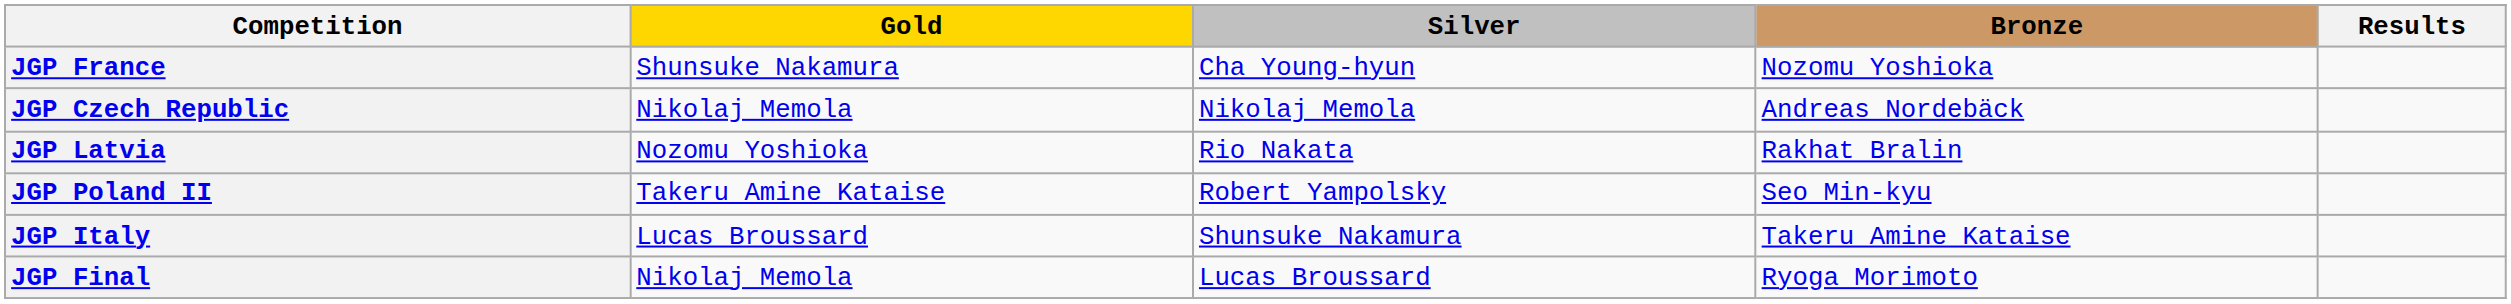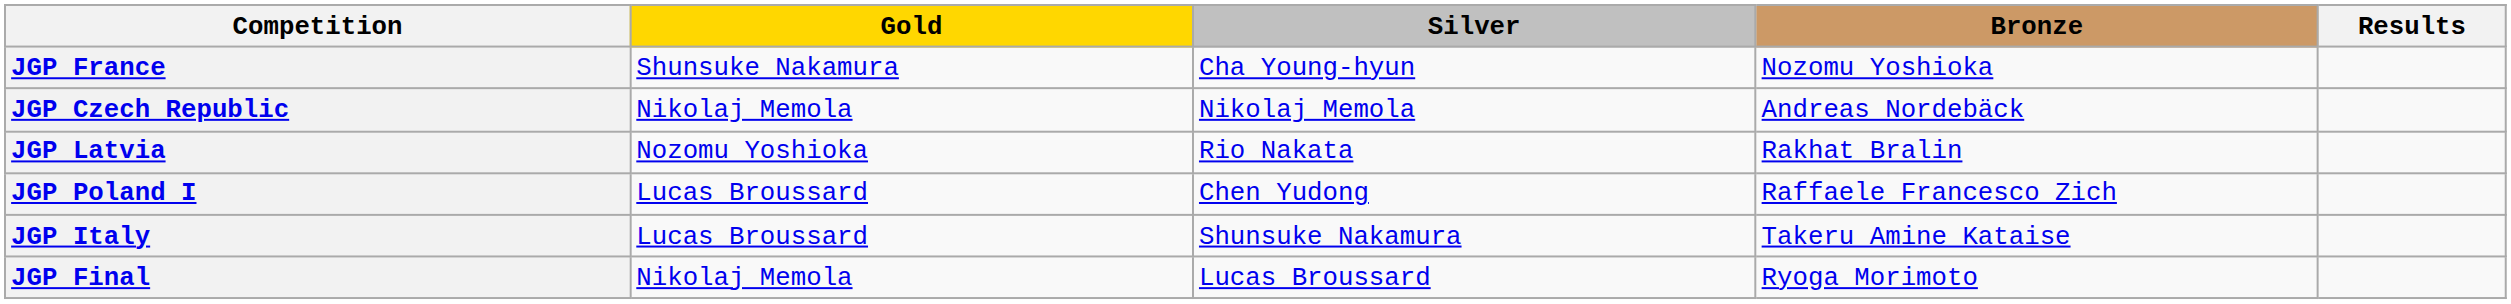 <table class="wikitable unsortable" style="text-align:left; width:100%">
 <tr>
 <th scope="col" style="text-align:center; width:25%;">Competition</th>
 <td scope="col" style="text-align:center; width:22.5%; background:gold"><strong>Gold</strong></td>
 <td scope="col" style="text-align:center; width:22.5%; background:silver"><strong>Silver</strong></td>
 <td scope="col" style="text-align:center; width:22.5%; background:#c96"><strong>Bronze</strong></td>
 <th scope="col" style="text-align:center; width:7.5%;">Results</th>
 </tr>
 <tr>
 <th scope="row" style="text-align:left"> <a href='#'>JGP France</a></th>
 <td> <a href='#'>Shunsuke Nakamura</a></td>
 <td> <a href='#'>Cha Young-hyun</a></td>
 <td> <a href='#'>Nozomu Yoshioka</a></td>
 <td></td>
 </tr>
 <tr>
 <th scope="row" style="text-align:left"> <a href='#'>JGP Czech Republic</a></th>
 <td> <a href='#'>Nikolaj Memola</a></td>
 <td> <a href='#'>Nikolaj Memola</a></td>
 <td> <a href='#'>Andreas Nordebäck</a></td>
 <td></td>
 </tr>
 <tr>
 <th scope="row" style="text-align:left"> <a href='#'>JGP Latvia</a></th>
 <td> <a href='#'>Nozomu Yoshioka</a></td>
 <td> <a href='#'>Rio Nakata</a></td>
 <td> <a href='#'>Rakhat Bralin</a></td>
 <td></td>
 </tr>
 <tr>
-<th scope="row" style="text-align:left"> <a href='#'>JGP Poland II</a></th>
-<td> <a href='#'>Takeru Amine Kataise</a></td>
-<td> <a href='#'>Robert Yampolsky</a></td>
-<td> <a href='#'>Seo Min-kyu</a></td>
+<th scope="row" style="text-align:left"> <a href='#'>JGP Poland I</a></th>
+<td> <a href='#'>Lucas Broussard</a></td>
+<td> <a href='#'>Chen Yudong</a></td>
+<td> <a href='#'>Raffaele Francesco Zich</a></td>
 <td></td>
 </tr>
 <tr>
 <th scope="row" style="text-align:left"> <a href='#'>JGP Italy</a></th>
 <td> <a href='#'>Lucas Broussard</a></td>
 <td> <a href='#'>Shunsuke Nakamura</a></td>
 <td> <a href='#'>Takeru Amine Kataise</a></td>
 <td></td>
 </tr>
 <tr>
 <th scope="row" style="text-align:left"> <a href='#'>JGP Final</a></th>
 <td> <a href='#'>Nikolaj Memola</a></td>
 <td> <a href='#'>Lucas Broussard</a></td>
 <td> <a href='#'>Ryoga Morimoto</a></td>
 <td></td>
 </tr>
 </table>
